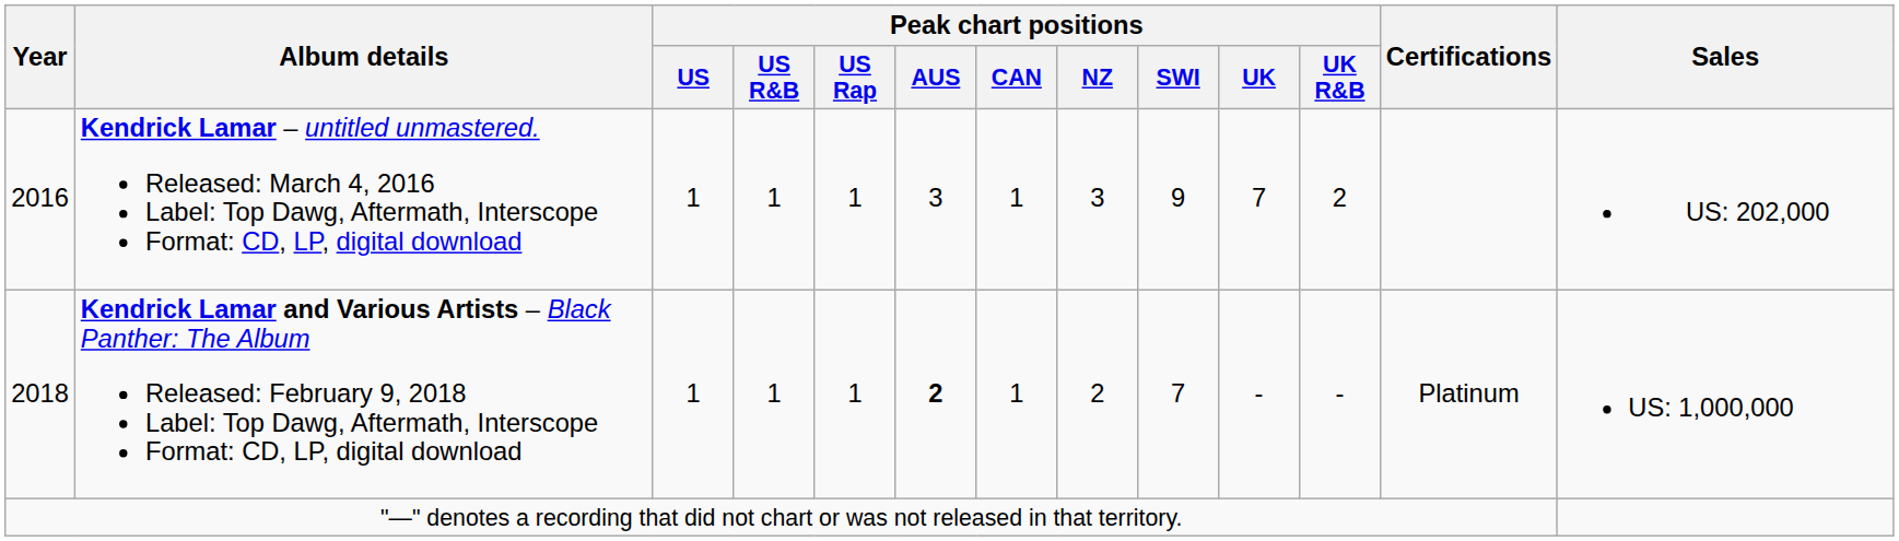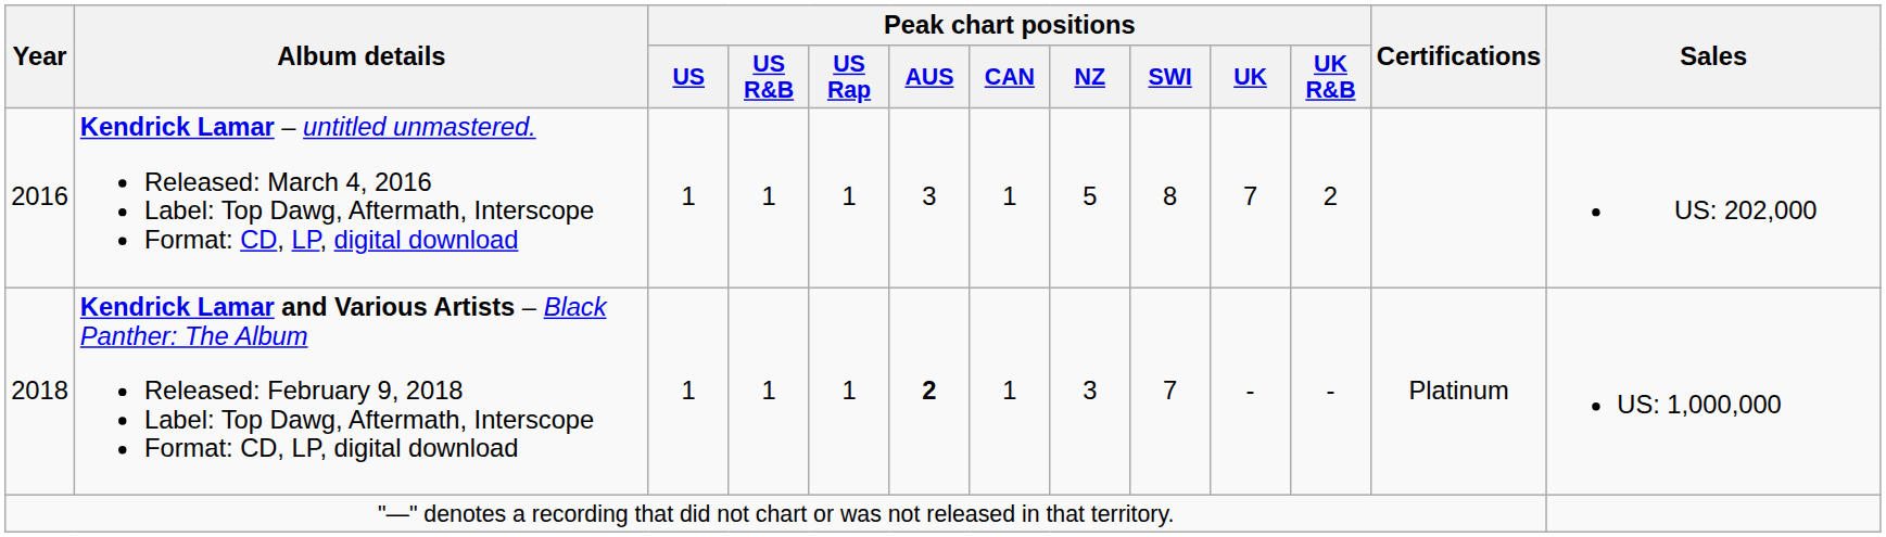 <table class="wikitable">
 <tr>
 <th rowspan="2" style="width:20px;">Year</th>
 <th rowspan="2" style="width:350px;">Album details</th>
 <th colspan="9">Peak chart positions</th>
 <th rowspan="2" style="width:100px;">Certifications</th>
 <th rowspan="2" style="width:200px;">Sales</th>
 </tr>
 <tr>
 <th scope="col" style="width:3em;font-size:90%;"><a href='#'>US</a></th>
 <th scope="col" style="width:3em;font-size:90%;"><a href='#'>US R&B</a></th>
 <th scope="col" style="width:3em;font-size:90%;"><a href='#'>US Rap</a></th>
 <th scope="col" style="width:3em;font-size:90%;"><a href='#'>AUS</a></th>
 <th scope="col" style="width:3em;font-size:90%;"><a href='#'>CAN</a></th>
 <th scope="col" style="width:3em;font-size:90%;"><a href='#'>NZ</a></th>
 <th scope="col" style="width:3em;font-size:90%;"><a href='#'>SWI</a></th>
 <th scope="col" style="width:3em;font-size:90%;"><a href='#'>UK</a></th>
 <th scope="col" style="width:3em;font-size:90%;"><a href='#'>UK R&B</a></th>
 </tr>
 <tr>
 <td style="text-align:center;" rowspan="1">2016</td>
 <td><strong><a href='#'>Kendrick Lamar</a></strong> – <em><a href='#'>untitled unmastered.</a></em><br><ul><li>Released: March 4, 2016</li><li>Label: Top Dawg, Aftermath, Interscope</li><li>Format: <a href='#'>CD</a>, <a href='#'>LP</a>, <a href='#'>digital download</a></li></ul></td>
 <td style="text-align:center;">1</td>
 <td style="text-align:center;">1</td>
 <td style="text-align:center;">1</td>
 <td style="text-align:center;">3</td>
 <td style="text-align:center;">1</td>
-<td style="text-align:center;">3</td>
-<td style="text-align:center;">9</td>
+<td style="text-align:center;">5</td>
+<td style="text-align:center;">8</td>
 <td style="text-align:center;">7</td>
 <td style="text-align:center;">2</td>
 <td style="text-align:center;"></td>
 <td style="text-align:center;"><br><ul><li>US: 202,000</li></ul></td>
 </tr>
 <tr>
 <td style="text-align:center;" rowspan="1">2018</td>
 <td><strong><a href='#'>Kendrick Lamar</a> and Various Artists</strong> – <em><a href='#'>Black Panther: The Album</a></em><br><ul><li>Released: February 9, 2018</li><li>Label: Top Dawg, Aftermath, Interscope</li><li>Format: CD, LP, digital download</li></ul></td>
 <td style="text-align:center;">1</td>
 <td style="text-align:center;">1</td>
 <td style="text-align:center;">1</td>
 <td style="text-align:center;"><strong>2</strong></td>
 <td style="text-align:center;">1</td>
-<td style="text-align:center;">2</td>
+<td style="text-align:center;">3</td>
 <td style="text-align:center;">7</td>
 <td style="text-align:center;">-</td>
 <td style="text-align:center;">-</td>
 <td style="text-align:center;">Platinum</td>
 <td><br><ul><li>US: 1,000,000</li></ul></td>
 </tr>
 <tr>
 <td colspan="12" style="font-size:90%" align="center">"—" denotes a recording that did not chart or was not released in that territory.</td>
 </tr>
 </table>
